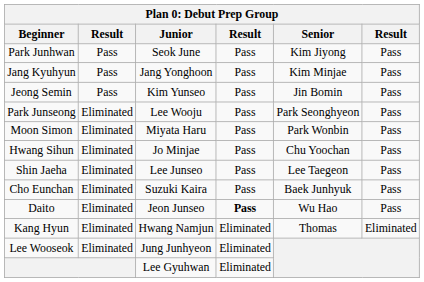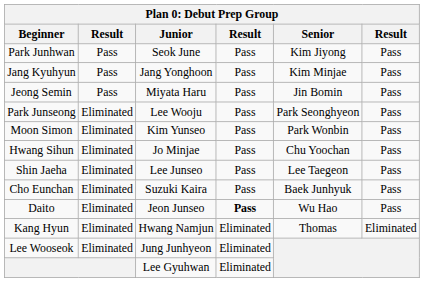 <table class="wikitable sortable mw-collapsible mw-collapsed" style="font-size:90%; text-align:center; ">
 <tr>
 <th colspan="12">Plan 0: Debut Prep Group</th>
 </tr>
 <tr>
 <th>Beginner</th>
 <th>Result</th>
 <th>Junior</th>
 <th>Result</th>
 <th>Senior</th>
 <th>Result</th>
 </tr>
 <tr>
 <td>Park Junhwan</td>
 <td>Pass</td>
 <td>Seok June</td>
 <td>Pass</td>
 <td>Kim Jiyong</td>
 <td>Pass</td>
 </tr>
 <tr>
 <td>Jang Kyuhyun</td>
 <td>Pass</td>
 <td>Jang Yonghoon</td>
 <td>Pass</td>
 <td>Kim Minjae</td>
 <td>Pass</td>
 </tr>
 <tr>
 <td>Jeong Semin</td>
 <td>Pass</td>
-<td>Kim Yunseo</td>
+<td>Miyata Haru</td>
 <td>Pass</td>
 <td>Jin Bomin</td>
 <td>Pass</td>
 </tr>
 <tr>
 <td>Park Junseong</td>
 <td>Eliminated</td>
 <td>Lee Wooju</td>
 <td>Pass</td>
 <td>Park Seonghyeon</td>
 <td>Pass</td>
 </tr>
 <tr>
 <td>Moon Simon</td>
 <td>Eliminated</td>
-<td>Miyata Haru</td>
+<td>Kim Yunseo</td>
 <td>Pass</td>
 <td>Park Wonbin</td>
 <td>Pass</td>
 </tr>
 <tr>
 <td>Hwang Sihun</td>
 <td>Eliminated</td>
 <td>Jo Minjae</td>
 <td>Pass</td>
 <td>Chu Yoochan</td>
 <td>Pass</td>
 </tr>
 <tr>
 <td>Shin Jaeha</td>
 <td>Eliminated</td>
 <td>Lee Junseo</td>
 <td>Pass</td>
 <td>Lee Taegeon</td>
 <td>Pass</td>
 </tr>
 <tr>
 <td>Cho Eunchan</td>
 <td>Eliminated</td>
 <td>Suzuki Kaira</td>
 <td>Pass</td>
 <td>Baek Junhyuk</td>
 <td>Pass</td>
 </tr>
 <tr>
 <td>Daito</td>
 <td>Eliminated</td>
 <td>Jeon Junseo</td>
 <td><strong>Pass</strong></td>
 <td>Wu Hao</td>
 <td>Pass</td>
 </tr>
 <tr>
 <td>Kang Hyun</td>
 <td>Eliminated</td>
 <td>Hwang Namjun</td>
 <td>Eliminated</td>
 <td>Thomas</td>
 <td>Eliminated</td>
 </tr>
 <tr>
 <td>Lee Wooseok</td>
 <td>Eliminated</td>
 <td>Jung Junhyeon</td>
 <td>Eliminated</td>
 <th colspan="2" rowspan="2"></th>
 </tr>
 <tr>
 <th colspan="2"></th>
 <td>Lee Gyuhwan</td>
 <td>Eliminated</td>
 </tr>
 </table>
